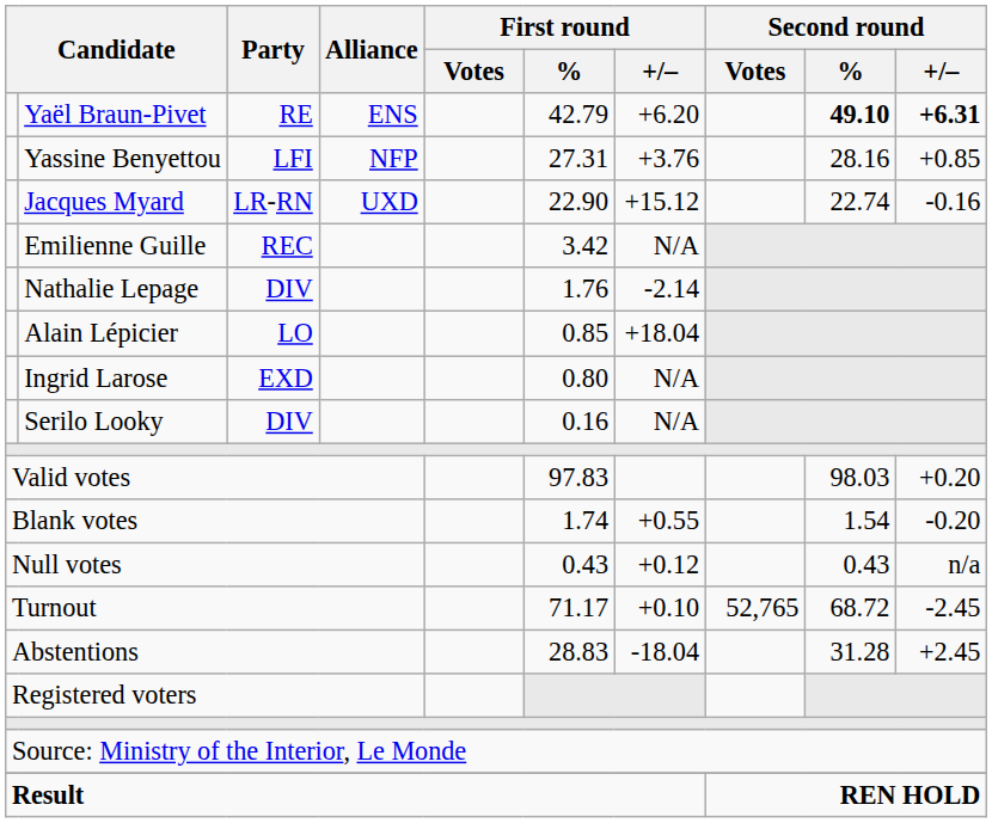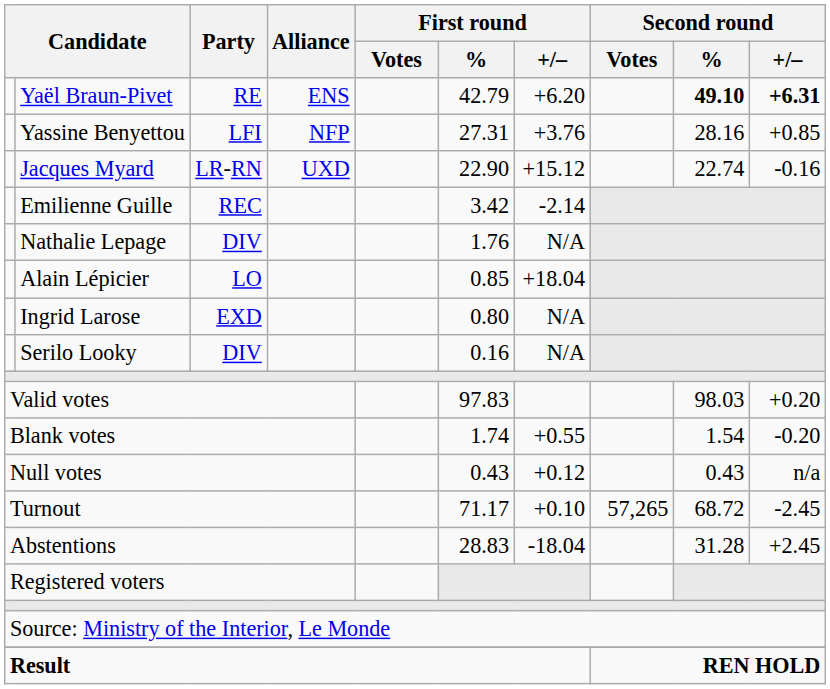 <table class="wikitable" style="text-align:right;font-size:95%;">
 <tr>
 <th rowspan="2" colspan="2">Candidate</th>
 <th rowspan="2">Party</th>
 <th rowspan="2">Alliance</th>
 <th colspan="3">First round</th>
 <th colspan="3">Second round</th>
 </tr>
 <tr>
 <th style="width:50px;">Votes</th>
 <th style="width:45px;">%</th>
 <th style="width:45px;">+/–</th>
 <th style="width:50px;">Votes</th>
 <th style="width:45px;">%</th>
 <th style="width:45px;">+/–</th>
 </tr>
 <tr>
 <td style="color:inherit;background:"></td>
 <td style="text-align:left;"><a href='#'>Yaël Braun-Pivet</a></td>
 <td><a href='#'>RE</a></td>
 <td><a href='#'>ENS</a></td>
 <td></td>
 <td>42.79</td>
 <td>+6.20</td>
 <td><strong> </strong></td>
 <td><strong>49.10 </strong></td>
 <td><strong>+6.31 </strong></td>
 </tr>
 <tr>
 <td style="color:inherit;background:"></td>
 <td style="text-align:left;">Yassine Benyettou</td>
 <td><a href='#'>LFI</a></td>
 <td><a href='#'>NFP</a></td>
 <td></td>
 <td>27.31</td>
 <td>+3.76</td>
 <td></td>
 <td>28.16</td>
 <td>+0.85</td>
 </tr>
 <tr>
 <td style="color:inherit;background:"></td>
 <td style="text-align:left;"><a href='#'>Jacques Myard</a></td>
 <td><a href='#'>LR</a>-<a href='#'>RN</a></td>
 <td><a href='#'>UXD</a></td>
 <td></td>
 <td>22.90</td>
 <td>+15.12</td>
 <td></td>
 <td>22.74</td>
 <td>-0.16</td>
 </tr>
 <tr>
 <td style="color:inherit;background:"></td>
 <td style="text-align:left;">Emilienne Guille</td>
 <td><a href='#'>REC</a></td>
 <td></td>
 <td></td>
 <td>3.42</td>
-<td>N/A</td>
+<td>-2.14</td>
 <td colspan="3" style="background:#E9E9E9;"></td>
 </tr>
 <tr>
 <td style="color:inherit;background:"></td>
 <td style="text-align:left;">Nathalie Lepage</td>
 <td><a href='#'>DIV</a></td>
 <td></td>
 <td></td>
 <td>1.76</td>
-<td>-2.14</td>
+<td>N/A</td>
 <td colspan="3" style="background:#E9E9E9;"></td>
 </tr>
 <tr>
 <td style="color:inherit;background:"></td>
 <td style="text-align:left;">Alain Lépicier</td>
 <td><a href='#'>LO</a></td>
 <td></td>
 <td></td>
 <td>0.85</td>
 <td>+18.04</td>
 <td colspan="3" style="background:#E9E9E9;"></td>
 </tr>
 <tr>
 <td style="color:inherit;background:"></td>
 <td style="text-align:left;">Ingrid Larose</td>
 <td><a href='#'>EXD</a></td>
 <td></td>
 <td></td>
 <td>0.80</td>
 <td>N/A</td>
 <td colspan="3" style="background:#E9E9E9;"></td>
 </tr>
 <tr>
 <td style="color:inherit;background:"></td>
 <td style="text-align:left;">Serilo Looky</td>
 <td><a href='#'>DIV</a></td>
 <td></td>
 <td></td>
 <td>0.16</td>
 <td>N/A</td>
 <td colspan="3" style="background:#E9E9E9;"></td>
 </tr>
 <tr>
 <td colspan="10" style="background:#E9E9E9;"></td>
 </tr>
 <tr>
 <td colspan="4" style="text-align:left;">Valid votes</td>
 <td></td>
 <td>97.83</td>
 <td></td>
 <td></td>
 <td>98.03</td>
 <td>+0.20</td>
 </tr>
 <tr>
 <td colspan="4" style="text-align:left;">Blank votes</td>
 <td></td>
 <td>1.74</td>
 <td>+0.55</td>
 <td></td>
 <td>1.54</td>
 <td>-0.20</td>
 </tr>
 <tr>
 <td colspan="4" style="text-align:left;">Null votes</td>
 <td></td>
 <td>0.43</td>
 <td>+0.12</td>
 <td></td>
 <td>0.43</td>
 <td>n/a</td>
 </tr>
 <tr>
 <td colspan="4" style="text-align:left;">Turnout</td>
 <td></td>
 <td>71.17</td>
 <td>+0.10</td>
-<td>52,765</td>
+<td>57,265</td>
 <td>68.72</td>
 <td>-2.45</td>
 </tr>
 <tr>
 <td colspan="4" style="text-align:left;">Abstentions</td>
 <td></td>
 <td>28.83</td>
 <td>-18.04</td>
 <td></td>
 <td>31.28</td>
 <td>+2.45</td>
 </tr>
 <tr>
 <td colspan="4" style="text-align:left;">Registered voters</td>
 <td></td>
 <td colspan="2" style="background:#E9E9E9;"></td>
 <td></td>
 <td colspan="2" style="background:#E9E9E9;"></td>
 </tr>
 <tr>
 <td colspan="10" style="background:#E9E9E9;"></td>
 </tr>
 <tr>
 <td colspan="10" style="text-align:left;">Source: <a href='#'>Ministry of the Interior</a>, <a href='#'>Le Monde</a></td>
 </tr>
 <tr>
 </tr>
 <tr style="font-weight:bold">
 <td colspan="7" style="text-align:left;">Result</td>
 <td colspan="7" style="background-color:">REN HOLD</td>
 </tr>
 </table>
